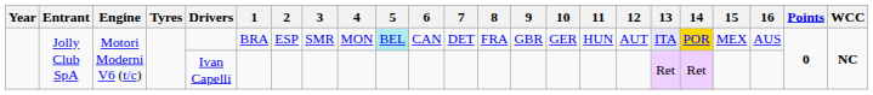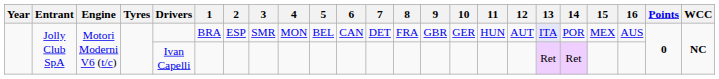 <table class="wikitable" style="text-align:center; font-size:95%">
 <tr>
 <th>Year</th>
 <th>Entrant</th>
 <th>Engine</th>
 <th>Tyres</th>
 <th>Drivers</th>
 <th>1</th>
 <th>2</th>
 <th>3</th>
 <th>4</th>
 <th>5</th>
 <th>6</th>
 <th>7</th>
 <th>8</th>
 <th>9</th>
 <th>10</th>
 <th>11</th>
 <th>12</th>
 <th>13</th>
 <th>14</th>
 <th>15</th>
 <th>16</th>
 <th><a href='#'>Points</a></th>
 <th>WCC</th>
 </tr>
 <tr>
 <td rowspan="2"></td>
 <td rowspan="2"><a href='#'>Jolly Club SpA</a></td>
 <td rowspan="2"><a href='#'>Motori Moderni</a> <a href='#'>V6</a> (<a href='#'>t/c</a>)</td>
 <td rowspan="2"></td>
 <td></td>
 <td><a href='#'>BRA</a></td>
 <td><a href='#'>ESP</a></td>
 <td><a href='#'>SMR</a></td>
 <td><a href='#'>MON</a></td>
-<td style="background: paleturquoise;"><a href='#'>BEL</a></td>
+<td><a href='#'>BEL</a></td>
 <td><a href='#'>CAN</a></td>
 <td><a href='#'>DET</a></td>
 <td><a href='#'>FRA</a></td>
 <td><a href='#'>GBR</a></td>
 <td><a href='#'>GER</a></td>
 <td><a href='#'>HUN</a></td>
 <td><a href='#'>AUT</a></td>
 <td style="background: lavender;"><a href='#'>ITA</a></td>
-<td style="background: gold;"><a href='#'>POR</a></td>
+<td><a href='#'>POR</a></td>
 <td><a href='#'>MEX</a></td>
 <td><a href='#'>AUS</a></td>
 <td rowspan="2"><strong>0</strong></td>
 <td rowspan="2"><strong>NC</strong></td>
 </tr>
 <tr>
 <td> <a href='#'>Ivan Capelli</a></td>
 <td></td>
 <td></td>
 <td></td>
 <td></td>
 <td></td>
 <td></td>
 <td></td>
 <td></td>
 <td></td>
 <td></td>
 <td></td>
 <td></td>
 <td style="background:#EFCFFF;">Ret</td>
 <td style="background:#EFCFFF;">Ret</td>
 <td></td>
 <td></td>
 </tr>
 </table>
